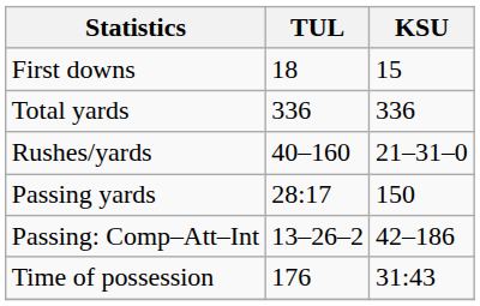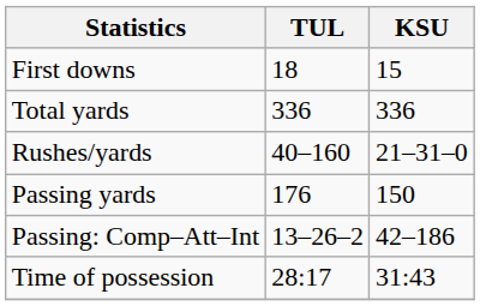 <table class="wikitable" style="float: left;">
 <tr>
 <th>Statistics</th>
 <th>TUL</th>
 <th>KSU</th>
 </tr>
 <tr>
 <td>First downs</td>
 <td>18</td>
 <td>15</td>
 </tr>
 <tr>
 <td>Total yards</td>
 <td>336</td>
 <td>336</td>
 </tr>
 <tr>
 <td>Rushes/yards</td>
 <td>40–160</td>
 <td>21–31–0</td>
 </tr>
 <tr>
 <td>Passing yards</td>
-<td>28:17</td>
+<td>176</td>
 <td>150</td>
 </tr>
 <tr>
 <td>Passing: Comp–Att–Int</td>
 <td>13–26–2</td>
 <td>42–186</td>
 </tr>
 <tr>
 <td>Time of possession</td>
-<td>176</td>
+<td>28:17</td>
 <td>31:43</td>
 </tr>
 <tr>
 </tr>
 </table>
